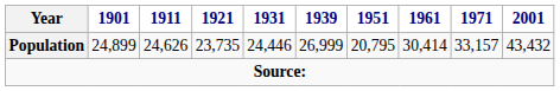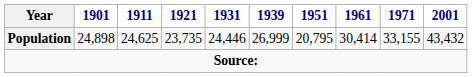 <table class="wikitable" style=" border:0; text-align:center; line-height:120%;">
 <tr>
 <th>Year</th>
 <th style="background:#fff; color:navy;">1901</th>
 <th style="background:#fff; color:navy;">1911</th>
 <th style="background:#fff; color:navy;">1921</th>
 <th style="background:#fff; color:navy;">1931</th>
 <th style="background:#fff; color:navy;">1939</th>
 <th style="background:#fff; color:navy;">1951</th>
 <th style="background:#fff; color:navy;">1961</th>
 <th style="background:#fff; color:navy;">1971</th>
 <th style="background:#fff; color:navy;">2001</th>
 </tr>
 <tr style="text-align:center;">
 <th>Population</th>
-<td>24,899</td>
-<td>24,626</td>
+<td>24,898</td>
+<td>24,625</td>
 <td>23,735</td>
 <td>24,446</td>
 <td>26,999</td>
 <td>20,795</td>
 <td>30,414</td>
-<td>33,157</td>
+<td>33,155</td>
 <td>43,432</td>
 </tr>
 <tr>
 <td colspan="19" style="text-align:center;"><strong>Source: </strong></td>
 </tr>
 </table>
